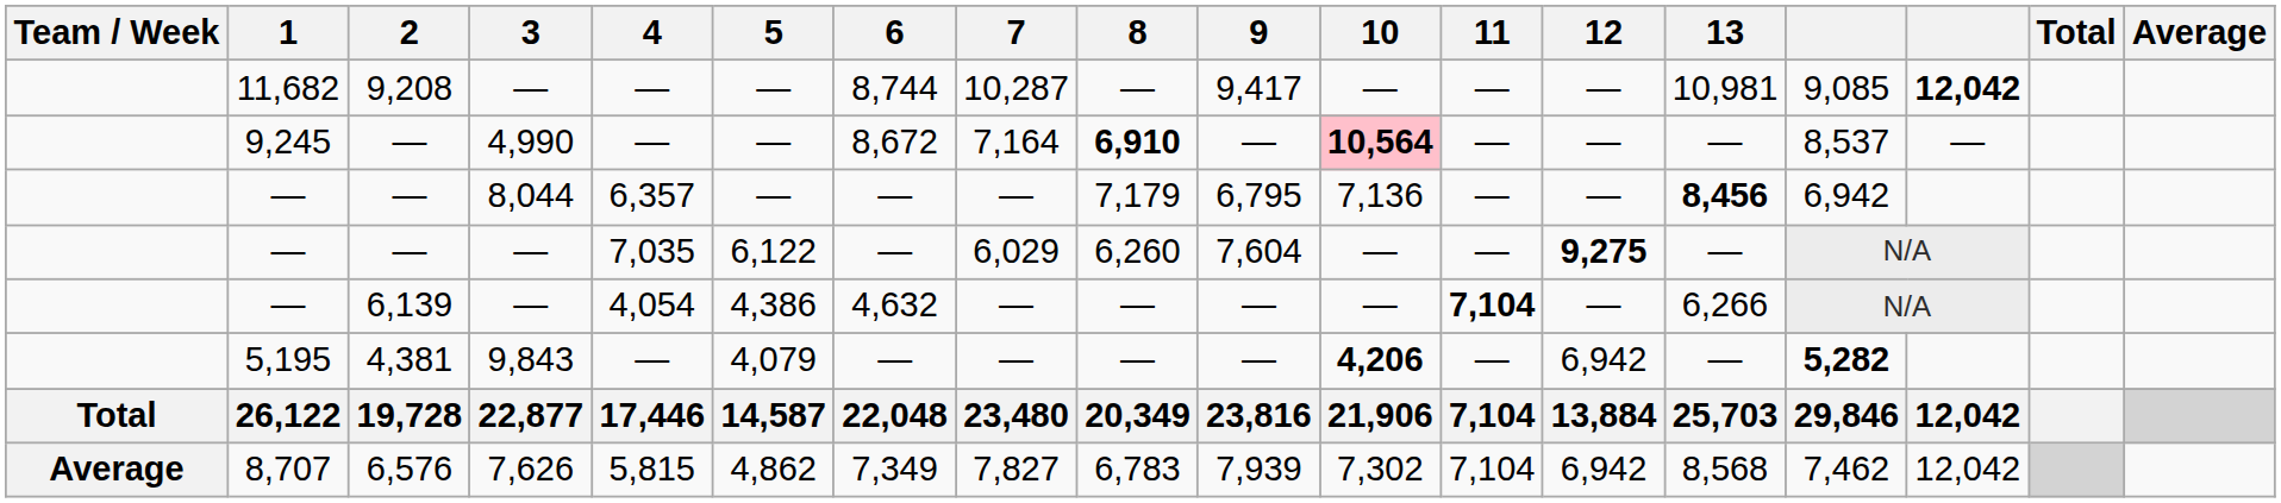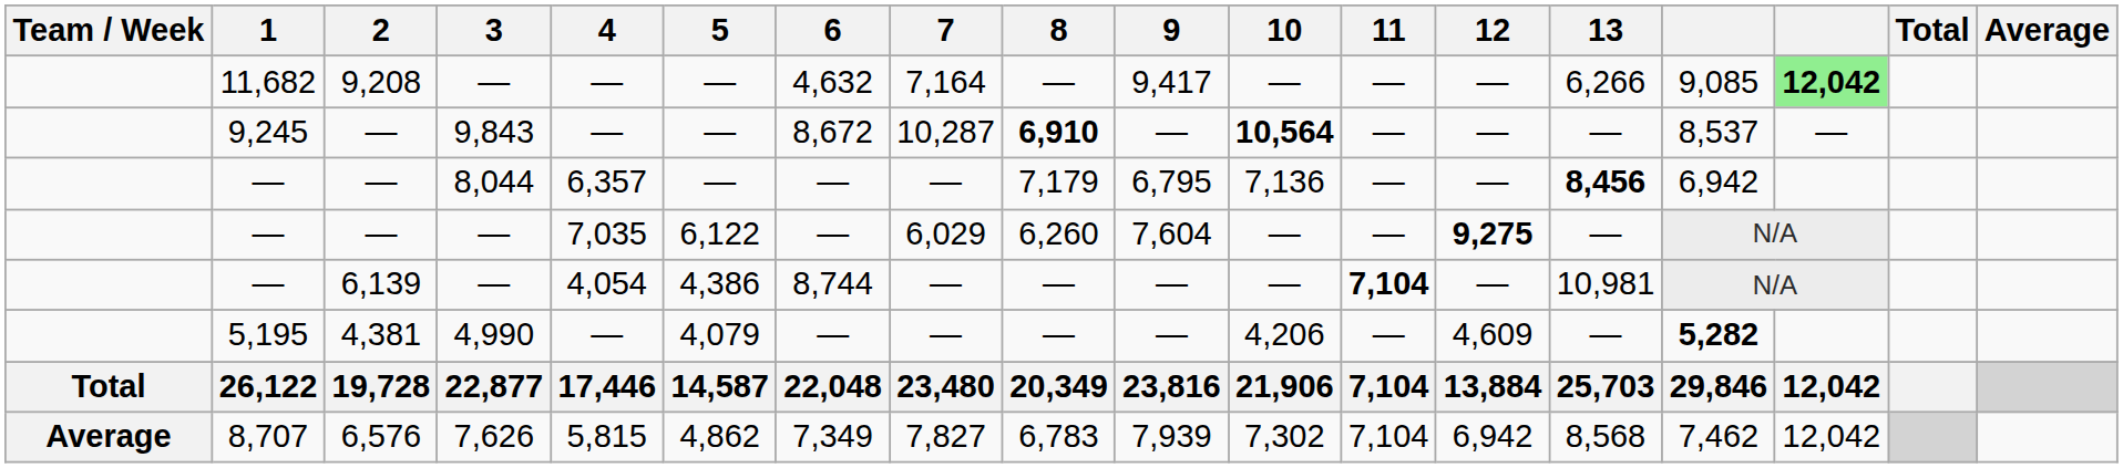 <table class="wikitable" style="text-align:center;">
 <tr>
 <th>Team / Week</th>
 <th>1</th>
 <th>2</th>
 <th>3</th>
 <th>4</th>
 <th>5</th>
 <th>6</th>
 <th>7</th>
 <th>8</th>
 <th>9</th>
 <th>10</th>
 <th>11</th>
 <th>12</th>
 <th>13</th>
 <th></th>
 <th></th>
 <th>Total</th>
 <th>Average</th>
 </tr>
 <tr>
 <td align=left></td>
 <td>11,682</td>
 <td>9,208</td>
 <td>—</td>
 <td>—</td>
 <td>—</td>
-<td>8,744</td>
-<td>10,287</td>
+<td>4,632</td>
+<td>7,164</td>
 <td>—</td>
 <td>9,417</td>
 <td>—</td>
 <td>—</td>
 <td>—</td>
-<td>10,981</td>
+<td>6,266</td>
 <td>9,085</td>
-<td><strong>12,042</strong></td>
+<td style="background: lightgreen;"><strong>12,042</strong></td>
 <td></td>
 <td><strong></strong></td>
 </tr>
 <tr>
 <td align=left><strong></strong></td>
 <td>9,245</td>
 <td>—</td>
-<td>4,990</td>
+<td>9,843</td>
 <td>—</td>
 <td>—</td>
 <td>8,672</td>
-<td>7,164</td>
+<td>10,287</td>
 <td><strong>6,910</strong></td>
 <td>—</td>
-<td style="background: pink;"><strong>10,564</strong></td>
+<td><strong>10,564</strong></td>
 <td>—</td>
 <td>—</td>
 <td>—</td>
 <td>8,537</td>
 <td>—</td>
 <td></td>
 <td><strong></strong></td>
 </tr>
 <tr>
 <td align=left><strong></strong></td>
 <td>—</td>
 <td>—</td>
 <td>8,044</td>
 <td>6,357</td>
 <td>—</td>
 <td>—</td>
 <td>—</td>
 <td>7,179</td>
 <td>6,795</td>
 <td>7,136</td>
 <td>—</td>
 <td>—</td>
 <td><strong>8,456</strong></td>
 <td>6,942</td>
 <td></td>
 <td></td>
 <td><strong></strong></td>
 </tr>
 <tr>
 <td align=left><strong></strong></td>
 <td>—</td>
 <td>—</td>
 <td>—</td>
 <td>7,035</td>
 <td>6,122</td>
 <td>—</td>
 <td>6,029</td>
 <td>6,260</td>
 <td>7,604</td>
 <td>—</td>
 <td>—</td>
 <td><strong>9,275</strong></td>
 <td>—</td>
 <td colspan=2 data-sort-value="" style="background: #ececec; color: #2C2C2C; vertical-align: middle; font-size: smaller; text-align: center; " class="table-na">N/A</td>
 <td></td>
 <td><strong></strong></td>
 </tr>
 <tr>
 <td align=left></td>
 <td>—</td>
 <td>6,139</td>
 <td>—</td>
 <td>4,054</td>
 <td>4,386</td>
-<td>4,632</td>
+<td>8,744</td>
 <td>—</td>
 <td>—</td>
 <td>—</td>
 <td>—</td>
 <td><strong>7,104</strong></td>
 <td>—</td>
-<td>6,266</td>
+<td>10,981</td>
 <td colspan=2 data-sort-value="" style="background: #ececec; color: #2C2C2C; vertical-align: middle; font-size: smaller; text-align: center; " class="table-na">N/A</td>
 <td></td>
 <td><strong></strong></td>
 </tr>
 <tr>
 <td align=left><strong></strong></td>
 <td>5,195</td>
 <td>4,381</td>
-<td>9,843</td>
+<td>4,990</td>
 <td>—</td>
 <td>4,079</td>
 <td>—</td>
 <td>—</td>
 <td>—</td>
 <td>—</td>
-<td><strong>4,206</strong></td>
+<td>4,206</td>
 <td>—</td>
-<td>6,942 </td>
+<td>4,609</td>
 <td>—</td>
 <td><strong>5,282</strong></td>
 <td></td>
 <td></td>
 <td><strong></strong></td>
 </tr>
 <tr>
 <th>Total </th>
 <th>26,122 </th>
 <th>19,728 </th>
 <th>22,877 </th>
 <th>17,446 </th>
 <th>14,587 </th>
 <th>22,048 </th>
 <th>23,480 </th>
 <th>20,349 </th>
 <th>23,816 </th>
 <th>21,906 </th>
 <th>7,104  </th>
 <th>13,884 </th>
 <th>25,703 </th>
 <th>29,846 </th>
 <th>12,042 </th>
 <th> </th>
 <td bgcolor=lightgrey> </td>
 </tr>
 <tr>
 <th>Average</th>
 <td>8,707 </td>
 <td>6,576 </td>
 <td>7,626 </td>
 <td>5,815 </td>
 <td>4,862 </td>
 <td>7,349 </td>
 <td>7,827 </td>
 <td>6,783 </td>
 <td>7,939 </td>
 <td>7,302 </td>
 <td>7,104 </td>
 <td>6,942 </td>
 <td>8,568 </td>
 <td>7,462 </td>
 <td>12,042 </td>
 <td bgcolor=lightgrey> </td>
 <td></td>
 </tr>
 </table>
